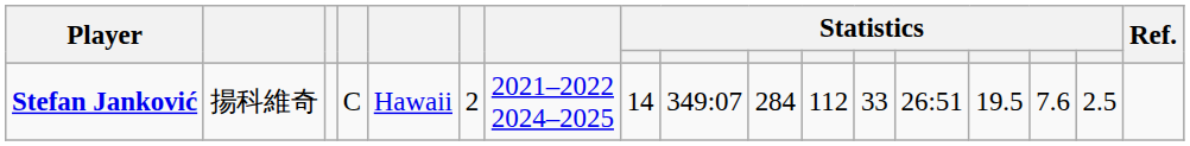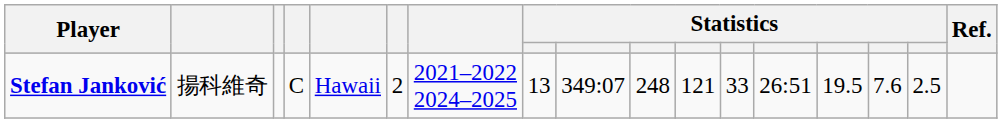 <table class="wikitable sortable" style="font-size:95%; text-align:right;">
 <tr>
 <th rowspan="2">Player</th>
 <th rowspan="2"></th>
 <th rowspan="2"></th>
 <th rowspan="2"></th>
 <th rowspan="2"></th>
 <th rowspan="2"></th>
 <th rowspan="2"></th>
 <th colspan="9">Statistics</th>
 <th rowspan="2">Ref.</th>
 </tr>
 <tr>
 <th></th>
 <th></th>
 <th></th>
 <th></th>
 <th></th>
 <th></th>
 <th></th>
 <th></th>
 <th></th>
 </tr>
 <tr>
 <td align="left"><strong><a href='#'>Stefan Janković</a></strong></td>
 <td align="left">揚科維奇</td>
 <td align="center"></td>
 <td align="center">C</td>
 <td align="left"><a href='#'>Hawaii</a></td>
 <td align="center">2</td>
 <td align="center"><a href='#'>2021–2022</a><br><a href='#'>2024–2025</a></td>
-<td>14</td>
+<td>13</td>
 <td>349:07</td>
-<td>284</td>
-<td>112</td>
+<td>248</td>
+<td>121</td>
 <td>33</td>
 <td>26:51</td>
 <td>19.5</td>
 <td>7.6</td>
 <td>2.5</td>
 <td align="center"></td>
 </tr>
 </table>
